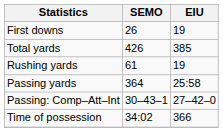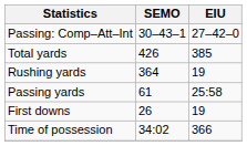 <table class="wikitable" style="float: left;">
 <tr>
 <th>Statistics</th>
 <th>SEMO</th>
 <th>EIU</th>
 </tr>
 <tr>
-<td>First downs</td>
-<td>26</td>
-<td>19</td>
+<td>Passing: Comp–Att–Int</td>
+<td>30–43–1</td>
+<td>27–42–0</td>
 </tr>
 <tr>
 <td>Total yards</td>
 <td>426</td>
 <td>385</td>
 </tr>
 <tr>
 <td>Rushing yards</td>
-<td>61</td>
+<td>364</td>
 <td>19</td>
 </tr>
 <tr>
 <td>Passing yards</td>
-<td>364</td>
+<td>61</td>
 <td>25:58</td>
 </tr>
 <tr>
-<td>Passing: Comp–Att–Int</td>
-<td>30–43–1</td>
-<td>27–42–0</td>
+<td>First downs</td>
+<td>26</td>
+<td>19</td>
 </tr>
 <tr>
 <td>Time of possession</td>
 <td>34:02</td>
 <td>366</td>
 </tr>
 <tr>
 </tr>
 </table>
